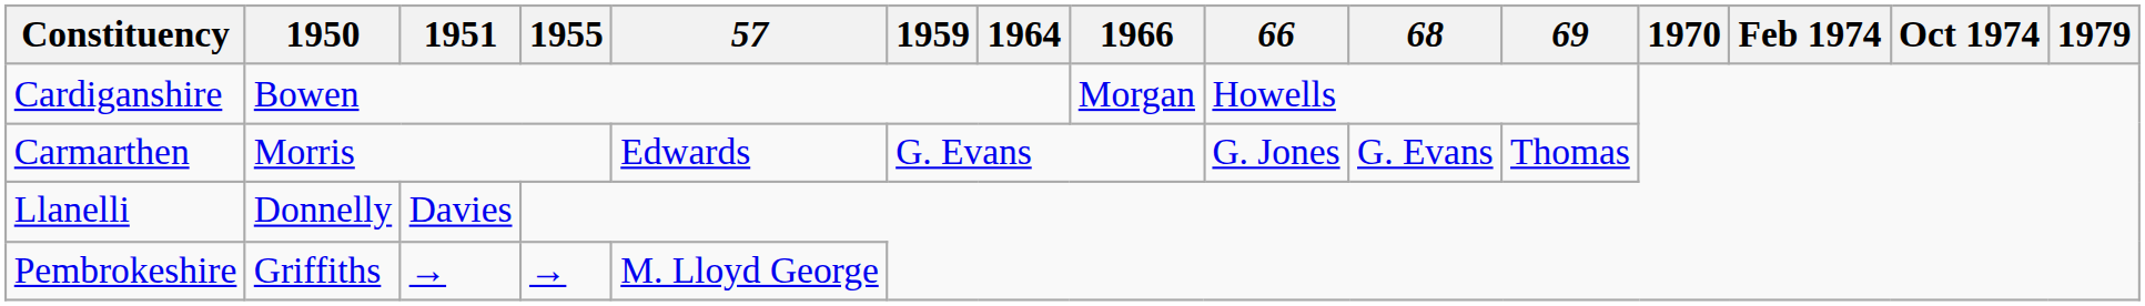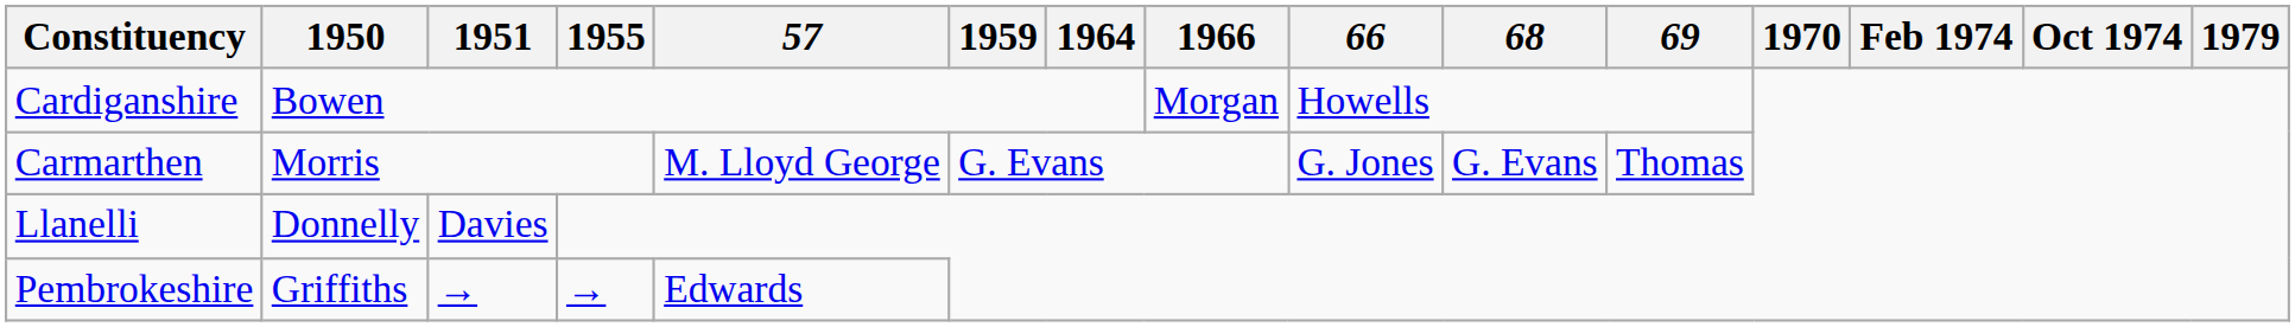 <table class="wikitable">
 <tr>
 <th>Constituency</th>
 <th>1950</th>
 <th>1951</th>
 <th>1955</th>
 <th><em>57</em></th>
 <th>1959</th>
 <th>1964</th>
 <th>1966</th>
 <th><em>66</em></th>
 <th><em>68</em></th>
 <th><em>69</em></th>
 <th>1970</th>
 <th>Feb 1974</th>
 <th>Oct 1974</th>
 <th>1979</th>
 </tr>
 <tr>
 <td><a href='#'>Cardiganshire</a></td>
 <td colspan="6"><a href='#'>Bowen</a></td>
 <td><a href='#'>Morgan</a></td>
 <td colspan="3"><a href='#'>Howells</a></td>
 </tr>
 <tr>
 <td><a href='#'>Carmarthen</a></td>
 <td colspan="3"><a href='#'>Morris</a></td>
-<td><a href='#'>Edwards</a></td>
+<td><a href='#'>M. Lloyd George</a></td>
 <td colspan="3"><a href='#'>G. Evans</a></td>
 <td><a href='#'>G. Jones</a></td>
 <td><a href='#'>G. Evans</a></td>
 <td><a href='#'>Thomas</a></td>
 </tr>
 <tr>
 <td><a href='#'>Llanelli</a></td>
 <td><a href='#'>Donnelly</a></td>
 <td><a href='#'>Davies</a></td>
 </tr>
 <tr>
 <td><a href='#'>Pembrokeshire</a></td>
 <td><a href='#'>Griffiths</a></td>
 <td><a href='#'>→</a></td>
 <td><a href='#'>→</a></td>
-<td><a href='#'>M. Lloyd George</a></td>
+<td><a href='#'>Edwards</a></td>
 </tr>
 </table>
